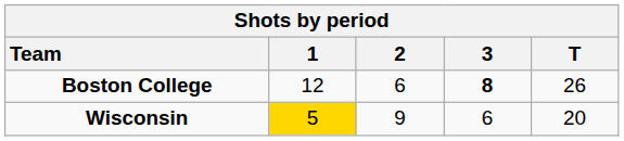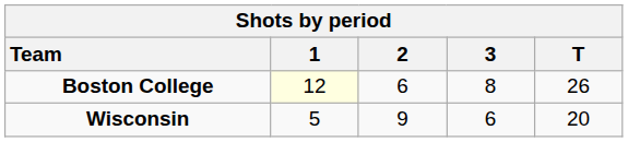 <table class="wikitable" style="width:30em; text-align:right;">
 <tr>
 <th colspan=6>Shots by period</th>
 </tr>
 <tr>
 <th style="width:10em; text-align:left;">Team</th>
 <th style="width:3em;">1</th>
 <th style="width:3em;">2</th>
 <th style="width:3em;">3</th>
 <th style="width:3em;">T</th>
 </tr>
 <tr>
 <td align=center><strong>Boston College</strong></td>
-<td align=center>12</td>
+<td align=center style="background: lightyellow;">12</td>
 <td align=center>6</td>
-<td align=center><strong>8</strong></td>
+<td align=center>8</td>
 <td align=center>26</td>
 </tr>
 <tr>
 <td align=center><strong>Wisconsin</strong></td>
-<td align=center style="background: gold;">5</td>
+<td align=center>5</td>
 <td align=center>9</td>
 <td align=center>6</td>
 <td align=center>20</td>
 </tr>
 </table>
